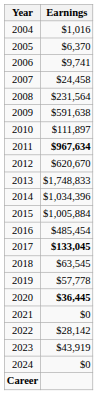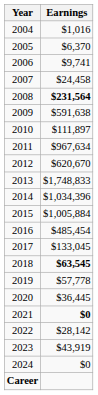 <table class=wikitable style=text-align:center>
 <tr>
 <th>Year</th>
 <th>Earnings</th>
 </tr>
 <tr>
 <td>2004</td>
 <td align=right>$1,016</td>
 </tr>
 <tr>
 <td>2005</td>
 <td align=right>$6,370</td>
 </tr>
 <tr>
 <td>2006</td>
 <td align=right>$9,741</td>
 </tr>
 <tr>
 <td>2007</td>
 <td align=right>$24,458</td>
 </tr>
 <tr>
 <td>2008</td>
-<td align=right>$231,564</td>
+<td align=right><strong>$231,564</strong></td>
 </tr>
 <tr>
 <td>2009</td>
 <td align=right>$591,638</td>
 </tr>
 <tr>
 <td>2010</td>
 <td align=right>$111,897</td>
 </tr>
 <tr>
 <td>2011</td>
-<td align=right><strong>$967,634</strong></td>
+<td align=right>$967,634</td>
 </tr>
 <tr>
 <td>2012</td>
 <td align=right>$620,670</td>
 </tr>
 <tr>
 <td>2013</td>
 <td align=right>$1,748,833</td>
 </tr>
 <tr>
 <td>2014</td>
 <td align=right>$1,034,396</td>
 </tr>
 <tr>
 <td>2015</td>
 <td align=right>$1,005,884</td>
 </tr>
 <tr>
 <td>2016</td>
 <td align=right>$485,454</td>
 </tr>
 <tr>
 <td>2017</td>
-<td align=right><strong>$133,045</strong></td>
+<td align=right>$133,045</td>
 </tr>
 <tr>
 <td>2018</td>
-<td align=right>$63,545</td>
+<td align=right><strong>$63,545</strong></td>
 </tr>
 <tr>
 <td>2019</td>
 <td align=right>$57,778</td>
 </tr>
 <tr>
 <td>2020</td>
-<td align=right><strong>$36,445</strong></td>
+<td align=right>$36,445</td>
 </tr>
 <tr>
 <td>2021</td>
-<td align=right>$0</td>
+<td align=right><strong>$0</strong></td>
 </tr>
 <tr>
 <td>2022</td>
 <td align=right>$28,142</td>
 </tr>
 <tr>
 <td>2023</td>
 <td align=right>$43,919</td>
 </tr>
 <tr>
 <td>2024</td>
 <td align=right>$0</td>
 </tr>
 <tr>
 <td><strong>Career</strong></td>
 <td align=right></td>
 </tr>
 </table>
